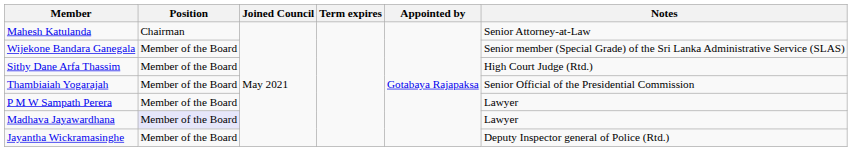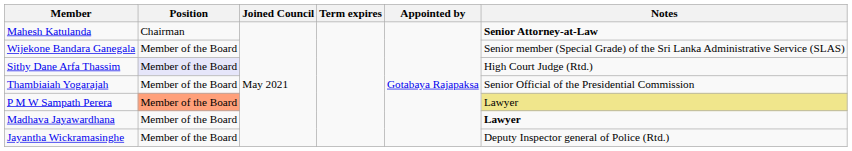 <table class="wikitable sortable">
 <tr>
 <th>Member</th>
 <th>Position</th>
 <th>Joined Council</th>
 <th>Term expires</th>
 <th>Appointed by</th>
 <th>Notes</th>
 </tr>
 <tr>
 <td><a href='#'>Mahesh Katulanda</a></td>
 <td>Chairman</td>
 <td rowspan="7">May 2021</td>
 <td rowspan="7"></td>
 <td rowspan="7"><a href='#'>Gotabaya Rajapaksa</a></td>
-<td>Senior Attorney-at-Law</td>
+<td><strong>Senior Attorney-at-Law</strong></td>
 </tr>
 <tr>
 <td><a href='#'>Wijekone Bandara Ganegala</a></td>
 <td>Member of the Board</td>
 <td>Senior member (Special Grade) of the Sri Lanka Administrative Service (SLAS)</td>
 </tr>
 <tr>
 <td><a href='#'>Sithy Dane Arfa Thassim</a></td>
-<td>Member of the Board</td>
+<td style="background: lavender;">Member of the Board</td>
 <td>High Court Judge (Rtd.)</td>
 </tr>
 <tr>
 <td><a href='#'>Thambiaiah Yogarajah</a></td>
 <td>Member of the Board</td>
 <td>Senior Official of the Presidential Commission</td>
 </tr>
 <tr>
 <td><a href='#'>P M W Sampath Perera</a></td>
-<td>Member of the Board</td>
-<td>Lawyer</td>
+<td style="background: lightsalmon;">Member of the Board</td>
+<td style="background: khaki;">Lawyer</td>
 </tr>
 <tr>
 <td><a href='#'>Madhava Jayawardhana</a></td>
-<td style="background: lavender;">Member of the Board</td>
-<td>Lawyer</td>
+<td>Member of the Board</td>
+<td><strong>Lawyer</strong></td>
 </tr>
 <tr>
 <td><a href='#'>Jayantha Wickramasinghe</a></td>
 <td>Member of the Board</td>
 <td>Deputy Inspector general of Police (Rtd.)</td>
 </tr>
 </table>
